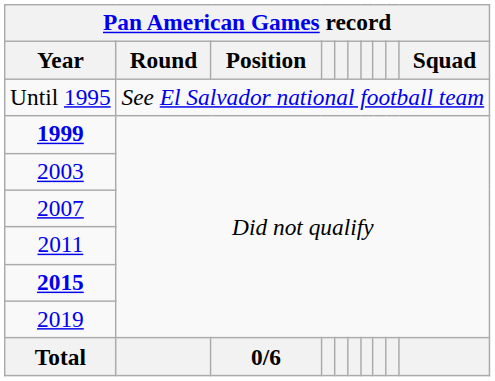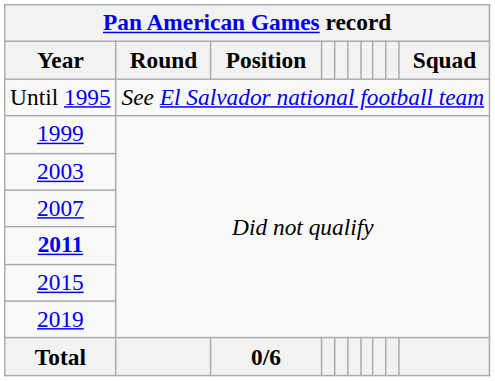 <table class="wikitable" style="text-align: center;">
 <tr>
 <th colspan=10><a href='#'>Pan American Games</a> record</th>
 </tr>
 <tr>
 <th>Year</th>
 <th>Round</th>
 <th>Position</th>
 <th></th>
 <th></th>
 <th></th>
 <th></th>
 <th></th>
 <th></th>
 <th>Squad</th>
 </tr>
 <tr>
 <td>Until <a href='#'>1995</a></td>
 <td colspan=9><em>See <a href='#'>El Salvador national football team</a></em></td>
 </tr>
 <tr>
-<td><strong> <a href='#'>1999</a></strong></td>
+<td> <a href='#'>1999</a></td>
 <td colspan=9 rowspan=6><em>Did not qualify</em></td>
 </tr>
 <tr>
 <td> <a href='#'>2003</a></td>
 </tr>
 <tr>
 <td> <a href='#'>2007</a></td>
 </tr>
 <tr>
-<td> <a href='#'>2011</a></td>
+<td><strong> <a href='#'>2011</a></strong></td>
 </tr>
 <tr>
-<td><strong> <a href='#'>2015</a></strong></td>
+<td> <a href='#'>2015</a></td>
 </tr>
 <tr>
 <td> <a href='#'>2019</a></td>
 </tr>
 <tr>
 <th>Total</th>
 <th></th>
 <th>0/6</th>
 <th></th>
 <th></th>
 <th></th>
 <th></th>
 <th></th>
 <th></th>
 <th></th>
 </tr>
 </table>
